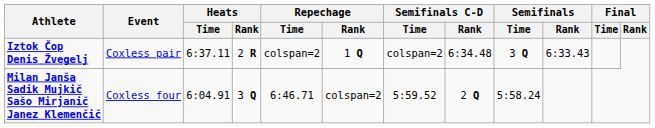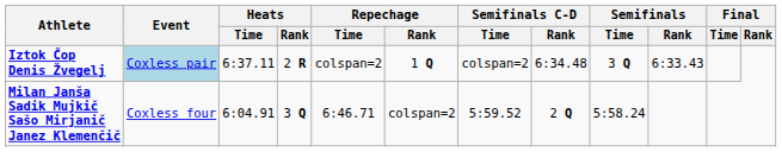 <table class="wikitable" style="font-size:90%">
 <tr>
 <th rowspan="2">Athlete</th>
 <th rowspan="2">Event</th>
 <th colspan="2">Heats</th>
 <th colspan="2">Repechage</th>
 <th colspan="2">Semifinals C-D</th>
 <th colspan="2">Semifinals</th>
 <th colspan="2">Final</th>
 </tr>
 <tr style="font-size:95%">
 <th>Time</th>
 <th>Rank</th>
 <th>Time</th>
 <th>Rank</th>
 <th>Time</th>
 <th>Rank</th>
 <th>Time</th>
 <th>Rank</th>
 <th>Time</th>
 <th>Rank</th>
 </tr>
 <tr align=center>
 <td align=left><strong><a href='#'>Iztok Čop</a><br><a href='#'>Denis Žvegelj</a></strong></td>
-<td align=left><a href='#'>Coxless pair</a></td>
+<td align=left style="background: lightblue;"><a href='#'>Coxless pair</a></td>
 <td>6:37.11</td>
 <td>2 <strong>R</strong></td>
 <td>colspan=2 </td>
 <td>1 <strong>Q</strong></td>
 <td>colspan=2 </td>
 <td>6:34.48</td>
 <td>3 <strong>Q</strong></td>
 <td>6:33.43</td>
 <td></td>
 </tr>
 <tr align=center>
 <td align=left><strong><a href='#'>Milan Janša</a><br><a href='#'>Sadik Mujkič</a><br><a href='#'>Sašo Mirjanič</a><br><a href='#'>Janez Klemenčič</a></strong></td>
 <td align=left><a href='#'>Coxless four</a></td>
 <td>6:04.91</td>
 <td>3 <strong>Q</strong></td>
 <td>6:46.71</td>
 <td>colspan=2 </td>
 <td>5:59.52</td>
 <td>2 <strong>Q</strong></td>
 <td>5:58.24</td>
 <td></td>
 </tr>
 </table>
